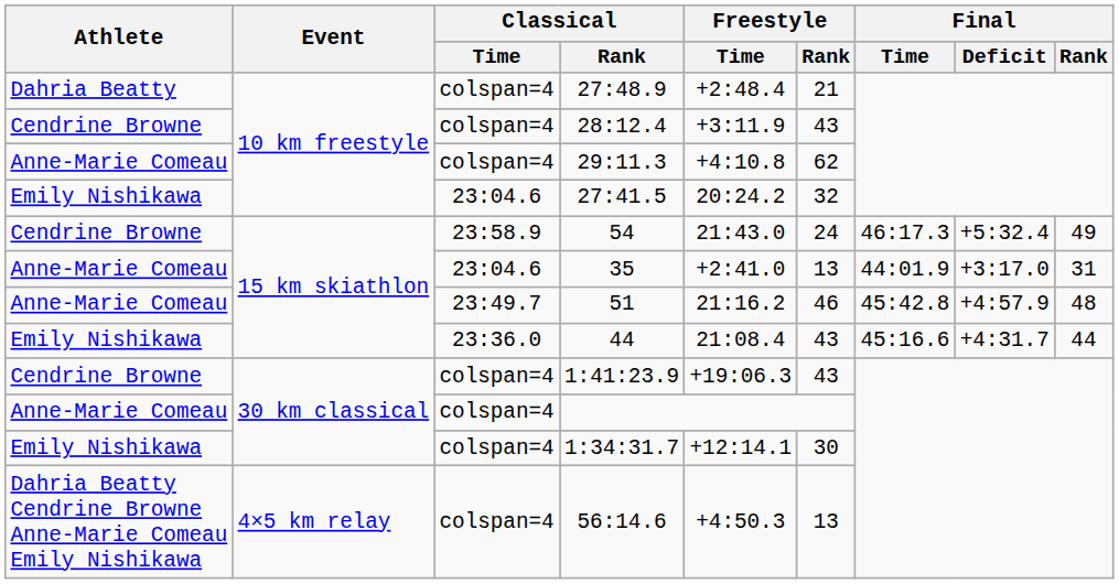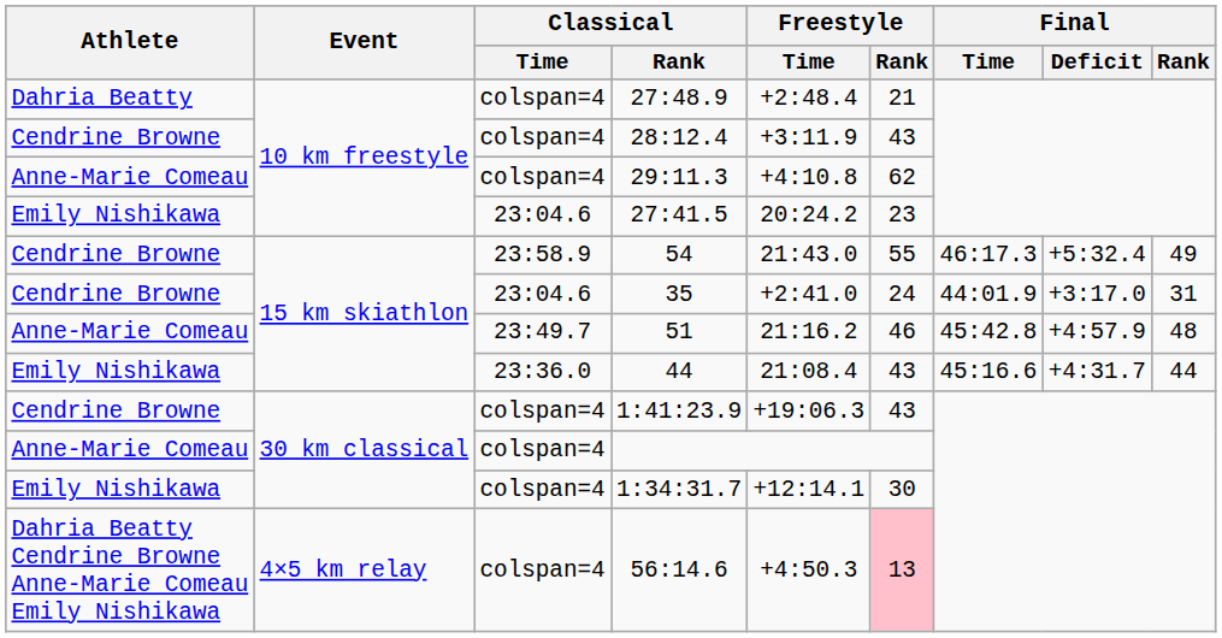 <table class="wikitable" style="font-size:90%">
 <tr>
 <th rowspan=2>Athlete</th>
 <th rowspan=2>Event</th>
 <th colspan=2>Classical</th>
 <th colspan=2>Freestyle</th>
 <th colspan=3>Final</th>
 </tr>
 <tr style="font-size: 95%">
 <th>Time</th>
 <th>Rank</th>
 <th>Time</th>
 <th>Rank</th>
 <th>Time</th>
 <th>Deficit</th>
 <th>Rank</th>
 </tr>
 <tr align=center>
 <td align=left><a href='#'>Dahria Beatty</a></td>
 <td align=left rowspan=4><a href='#'>10 km freestyle</a></td>
 <td>colspan=4 </td>
 <td>27:48.9</td>
 <td>+2:48.4</td>
 <td>21</td>
 </tr>
 <tr align=center>
 <td align=left><a href='#'>Cendrine Browne</a></td>
 <td>colspan=4 </td>
 <td>28:12.4</td>
 <td>+3:11.9</td>
 <td>43</td>
 </tr>
 <tr align=center>
 <td align=left><a href='#'>Anne-Marie Comeau</a></td>
 <td>colspan=4 </td>
 <td>29:11.3</td>
 <td>+4:10.8</td>
 <td>62</td>
 </tr>
 <tr align=center>
 <td align=left><a href='#'>Emily Nishikawa</a></td>
 <td>23:04.6</td>
 <td>27:41.5</td>
 <td>20:24.2</td>
-<td>32</td>
+<td>23</td>
 </tr>
 <tr align=center>
 <td align=left><a href='#'>Cendrine Browne</a></td>
 <td align=left rowspan=4><a href='#'>15 km skiathlon</a></td>
 <td>23:58.9</td>
 <td>54</td>
 <td>21:43.0</td>
-<td>24</td>
+<td>55</td>
 <td>46:17.3</td>
 <td>+5:32.4</td>
 <td>49</td>
 </tr>
 <tr align=center>
-<td align=left><a href='#'>Anne-Marie Comeau</a></td>
+<td align=left><a href='#'>Cendrine Browne</a></td>
 <td>23:04.6</td>
 <td>35</td>
 <td>+2:41.0</td>
-<td>13</td>
+<td>24</td>
 <td>44:01.9</td>
 <td>+3:17.0</td>
 <td>31</td>
 </tr>
 <tr align=center>
 <td align=left><a href='#'>Anne-Marie Comeau</a></td>
 <td>23:49.7</td>
 <td>51</td>
 <td>21:16.2</td>
 <td>46</td>
 <td>45:42.8</td>
 <td>+4:57.9</td>
 <td>48</td>
 </tr>
 <tr align=center>
 <td align=left><a href='#'>Emily Nishikawa</a></td>
 <td>23:36.0</td>
 <td>44</td>
 <td>21:08.4</td>
 <td>43</td>
 <td>45:16.6</td>
 <td>+4:31.7</td>
 <td>44</td>
 </tr>
 <tr align=center>
 <td align=left><a href='#'>Cendrine Browne</a></td>
 <td align=left rowspan=3><a href='#'>30 km classical</a></td>
 <td>colspan=4 </td>
 <td>1:41:23.9</td>
 <td>+19:06.3</td>
 <td>43</td>
 </tr>
 <tr align=center>
 <td align=left><a href='#'>Anne-Marie Comeau</a></td>
 <td>colspan=4 </td>
 <td colspan=3></td>
 </tr>
 <tr align=center>
 <td align=left><a href='#'>Emily Nishikawa</a></td>
 <td>colspan=4 </td>
 <td>1:34:31.7</td>
 <td>+12:14.1</td>
 <td>30</td>
 </tr>
 <tr align=center>
 <td align=left><a href='#'>Dahria Beatty</a><br><a href='#'>Cendrine Browne</a><br><a href='#'>Anne-Marie Comeau</a><br><a href='#'>Emily Nishikawa</a></td>
 <td align=left><a href='#'>4×5 km relay</a></td>
 <td>colspan=4 </td>
 <td>56:14.6</td>
 <td>+4:50.3</td>
-<td>13</td>
+<td style="background: pink;">13</td>
 </tr>
 </table>
